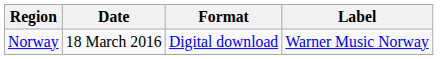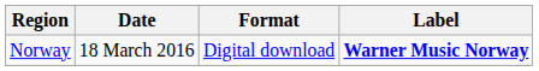 <table class=wikitable>
 <tr>
 <th>Region</th>
 <th>Date</th>
 <th>Format</th>
 <th>Label</th>
 </tr>
 <tr>
 <td><a href='#'>Norway</a></td>
 <td>18 March 2016</td>
 <td><a href='#'>Digital download</a></td>
-<td><a href='#'>Warner Music Norway</a></td>
+<td><strong><a href='#'>Warner Music Norway</a></strong></td>
 </tr>
 <tr>
 </tr>
 </table>
